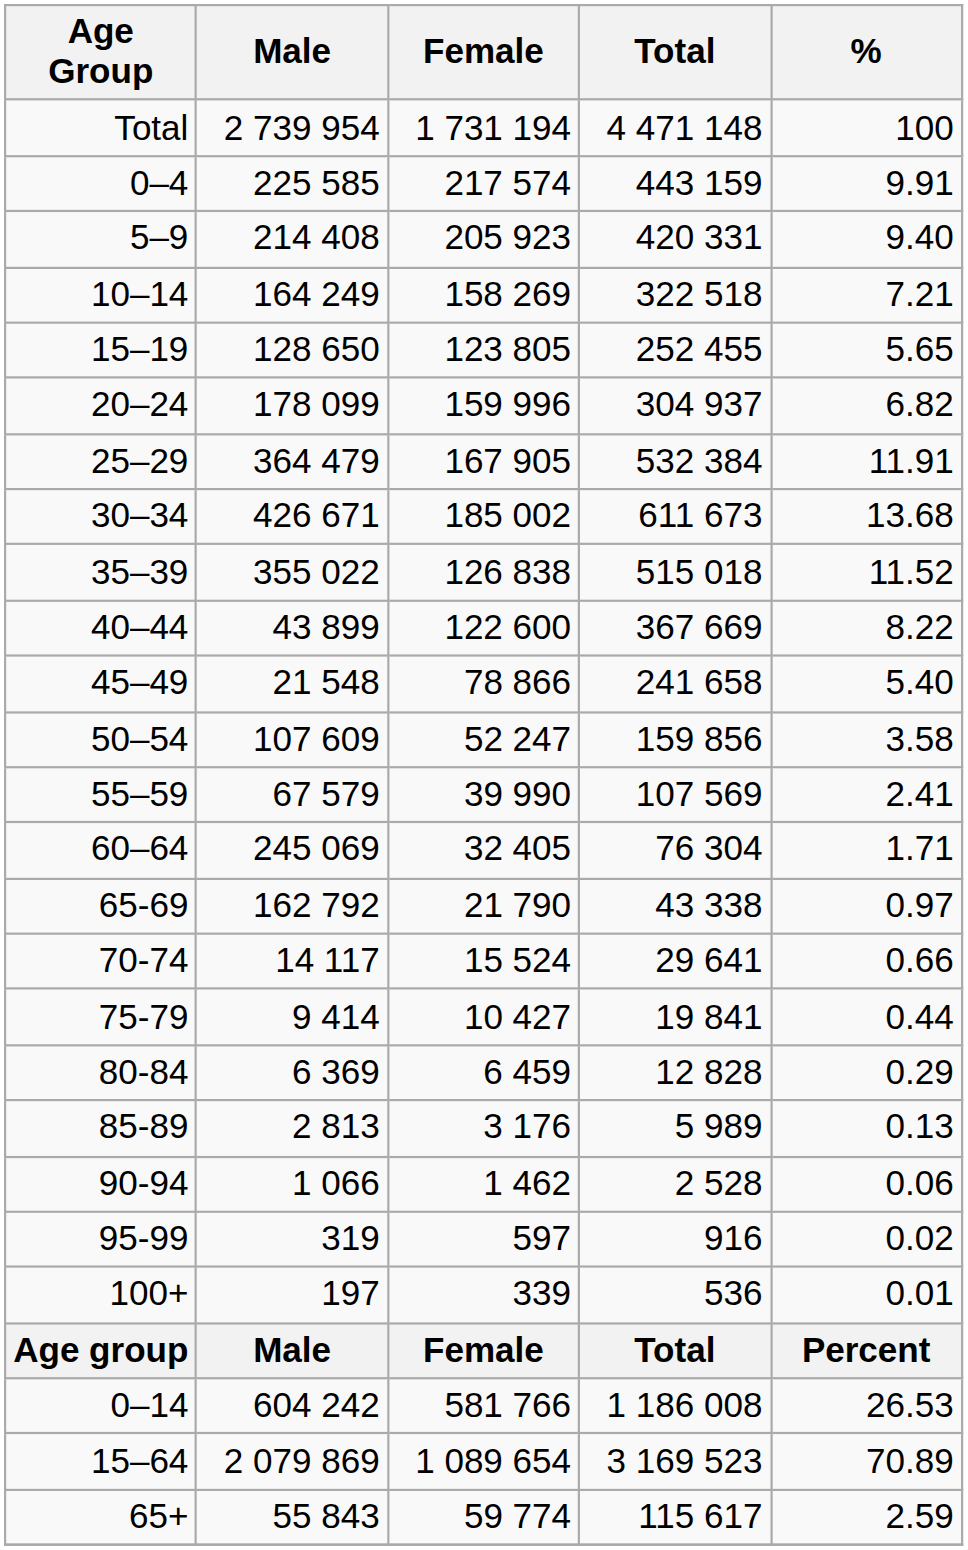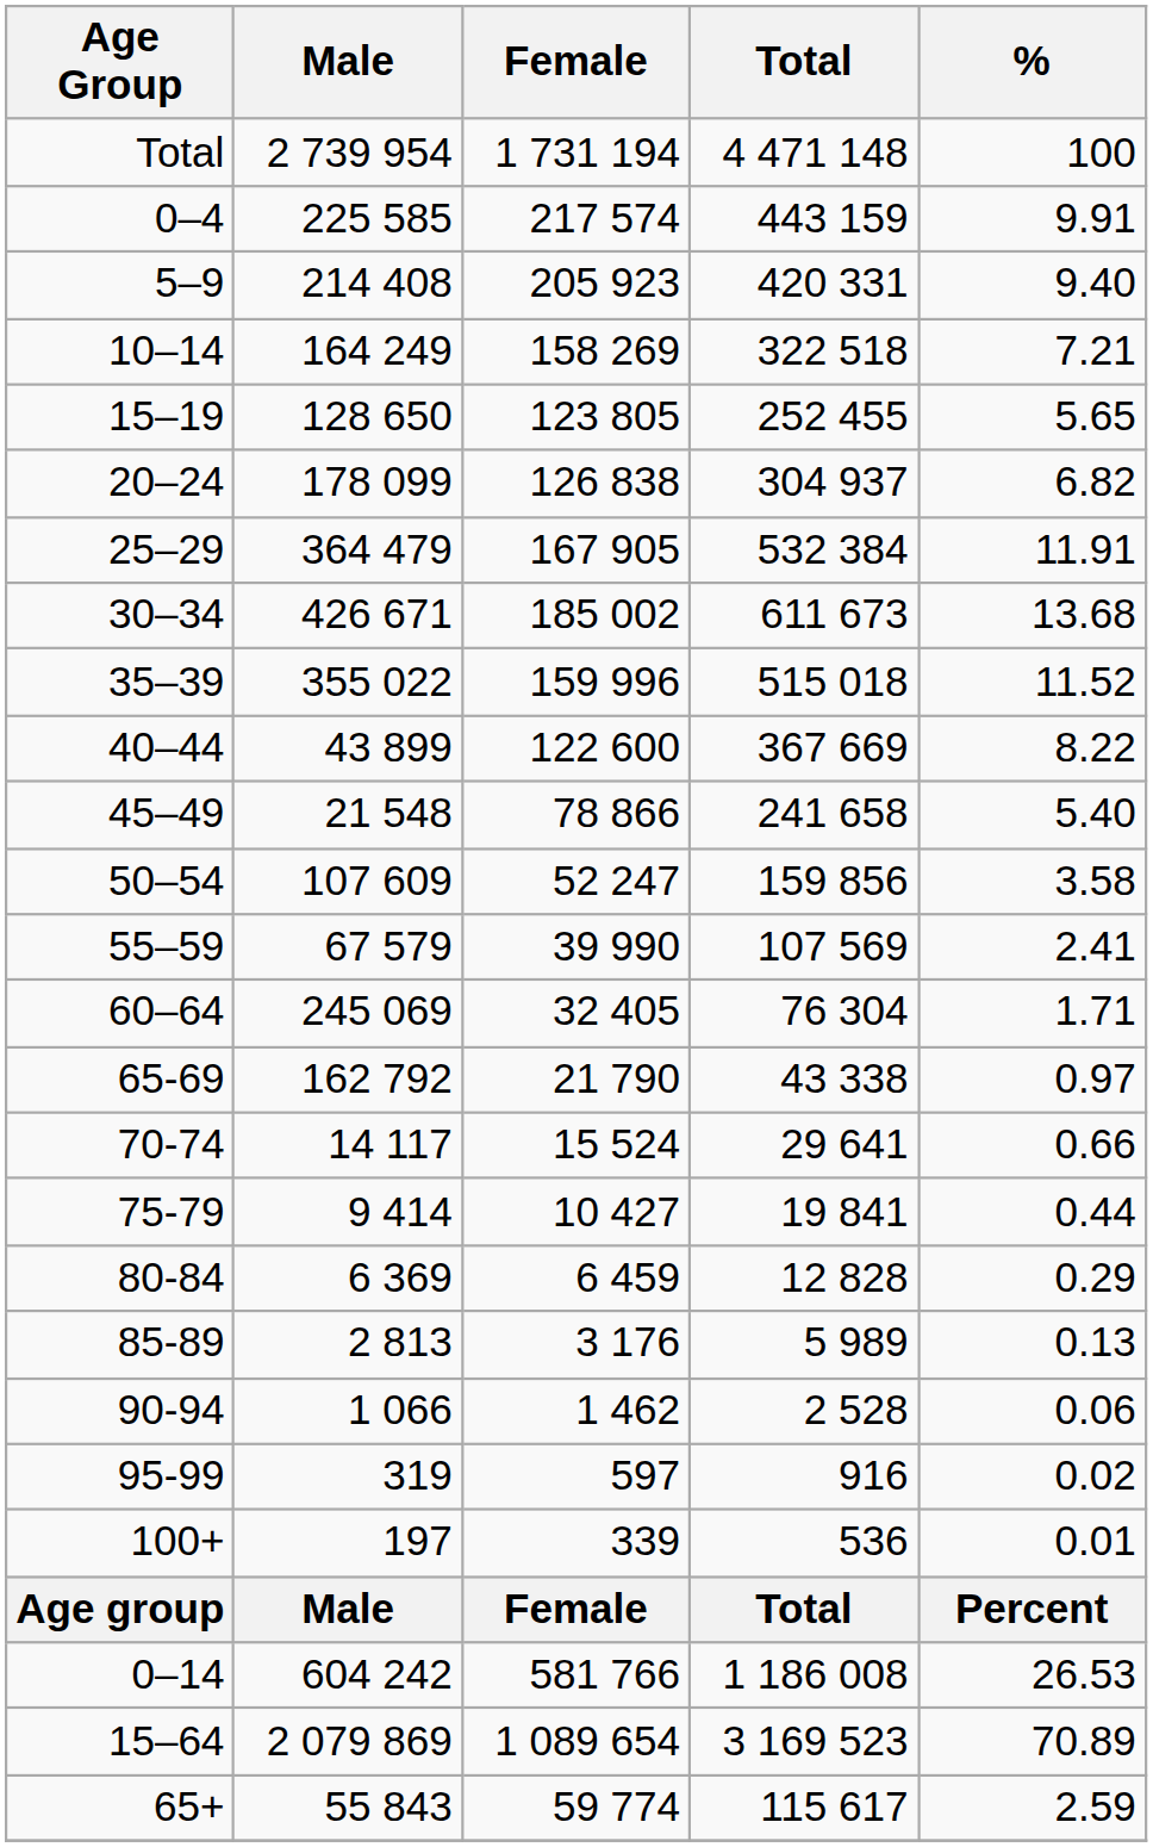 <table class="wikitable">
 <tr>
 <th width="80pt">Age Group</th>
 <th width="80pt">Male</th>
 <th width="80pt">Female</th>
 <th width="80pt">Total</th>
 <th width="80pt">%</th>
 </tr>
 <tr>
 <td align="right">Total</td>
 <td align="right">2 739 954</td>
 <td align="right">1 731 194</td>
 <td align="right">4 471 148</td>
 <td align="right">100</td>
 </tr>
 <tr>
 <td align="right">0–4</td>
 <td align="right">225 585</td>
 <td align="right">217 574</td>
 <td align="right">443 159</td>
 <td align="right">9.91</td>
 </tr>
 <tr>
 <td align="right">5–9</td>
 <td align="right">214 408</td>
 <td align="right">205 923</td>
 <td align="right">420 331</td>
 <td align="right">9.40</td>
 </tr>
 <tr>
 <td align="right">10–14</td>
 <td align="right">164 249</td>
 <td align="right">158 269</td>
 <td align="right">322 518</td>
 <td align="right">7.21</td>
 </tr>
 <tr>
 <td align="right">15–19</td>
 <td align="right">128 650</td>
 <td align="right">123 805</td>
 <td align="right">252 455</td>
 <td align="right">5.65</td>
 </tr>
 <tr>
 <td align="right">20–24</td>
 <td align="right">178 099</td>
-<td align="right">159 996</td>
+<td align="right">126 838</td>
 <td align="right">304 937</td>
 <td align="right">6.82</td>
 </tr>
 <tr>
 <td align="right">25–29</td>
 <td align="right">364 479</td>
 <td align="right">167 905</td>
 <td align="right">532 384</td>
 <td align="right">11.91</td>
 </tr>
 <tr>
 <td align="right">30–34</td>
 <td align="right">426 671</td>
 <td align="right">185 002</td>
 <td align="right">611 673</td>
 <td align="right">13.68</td>
 </tr>
 <tr>
 <td align="right">35–39</td>
 <td align="right">355 022</td>
-<td align="right">126 838</td>
+<td align="right">159 996</td>
 <td align="right">515 018</td>
 <td align="right">11.52</td>
 </tr>
 <tr>
 <td align="right">40–44</td>
 <td align="right">43 899</td>
 <td align="right">122 600</td>
 <td align="right">367 669</td>
 <td align="right">8.22</td>
 </tr>
 <tr>
 <td align="right">45–49</td>
 <td align="right">21 548</td>
 <td align="right">78 866</td>
 <td align="right">241 658</td>
 <td align="right">5.40</td>
 </tr>
 <tr>
 <td align="right">50–54</td>
 <td align="right">107 609</td>
 <td align="right">52 247</td>
 <td align="right">159 856</td>
 <td align="right">3.58</td>
 </tr>
 <tr>
 <td align="right">55–59</td>
 <td align="right">67 579</td>
 <td align="right">39 990</td>
 <td align="right">107 569</td>
 <td align="right">2.41</td>
 </tr>
 <tr>
 <td align="right">60–64</td>
 <td align="right">245 069</td>
 <td align="right">32 405</td>
 <td align="right">76 304</td>
 <td align="right">1.71</td>
 </tr>
 <tr>
 <td align="right">65-69</td>
 <td align="right">162 792</td>
 <td align="right">21 790</td>
 <td align="right">43 338</td>
 <td align="right">0.97</td>
 </tr>
 <tr>
 <td align="right">70-74</td>
 <td align="right">14 117</td>
 <td align="right">15 524</td>
 <td align="right">29 641</td>
 <td align="right">0.66</td>
 </tr>
 <tr>
 <td align="right">75-79</td>
 <td align="right">9 414</td>
 <td align="right">10 427</td>
 <td align="right">19 841</td>
 <td align="right">0.44</td>
 </tr>
 <tr>
 <td align="right">80-84</td>
 <td align="right">6 369</td>
 <td align="right">6 459</td>
 <td align="right">12 828</td>
 <td align="right">0.29</td>
 </tr>
 <tr>
 <td align="right">85-89</td>
 <td align="right">2 813</td>
 <td align="right">3 176</td>
 <td align="right">5 989</td>
 <td align="right">0.13</td>
 </tr>
 <tr>
 <td align="right">90-94</td>
 <td align="right">1 066</td>
 <td align="right">1 462</td>
 <td align="right">2 528</td>
 <td align="right">0.06</td>
 </tr>
 <tr>
 <td align="right">95-99</td>
 <td align="right">319</td>
 <td align="right">597</td>
 <td align="right">916</td>
 <td align="right">0.02</td>
 </tr>
 <tr>
 <td align="right">100+</td>
 <td align="right">197</td>
 <td align="right">339</td>
 <td align="right">536</td>
 <td align="right">0.01</td>
 </tr>
 <tr>
 <th width="50">Age group</th>
 <th width="80pt">Male</th>
 <th width="80">Female</th>
 <th width="80">Total</th>
 <th width="50">Percent</th>
 </tr>
 <tr>
 <td align="right">0–14</td>
 <td align="right">604 242</td>
 <td align="right">581 766</td>
 <td align="right">1 186 008</td>
 <td align="right">26.53</td>
 </tr>
 <tr>
 <td align="right">15–64</td>
 <td align="right">2 079 869</td>
 <td align="right">1 089 654</td>
 <td align="right">3 169 523</td>
 <td align="right">70.89</td>
 </tr>
 <tr>
 <td align="right">65+</td>
 <td align="right">55 843</td>
 <td align="right">59 774</td>
 <td align="right">115 617</td>
 <td align="right">2.59</td>
 </tr>
 <tr>
 </tr>
 </table>
